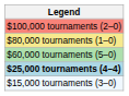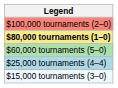 <table class="wikitable" style="font-size:85%">
 <tr>
 <th>Legend</th>
 </tr>
 <tr style="background:#f88379;">
 <td>$100,000 tournaments (2–0)</td>
 </tr>
 <tr style="background:#f7e98e;">
-<td>$80,000 tournaments (1–0)</td>
+<td><strong>$80,000 tournaments (1–0)</strong></td>
 </tr>
 <tr style="background:#addfad;">
 <td>$60,000 tournaments (5–0)</td>
 </tr>
 <tr style="background:lightblue;">
-<td><strong>$25,000 tournaments (4–4)</strong></td>
+<td>$25,000 tournaments (4–4)</td>
 </tr>
 <tr style="background:#f0f8ff;">
 <td>$15,000 tournaments (3–0)</td>
 </tr>
 </table>
